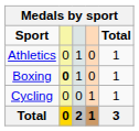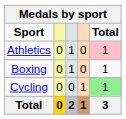 <table class="wikitable" border="1" style="font-size:85%; float:right">
 <tr bgcolor=#efefef>
 <th colspan=7>Medals by sport</th>
 </tr>
 <tr align=center>
 <td><strong>Sport</strong></td>
 <td bgcolor=#f7f6a8></td>
 <td bgcolor=#dce5e5></td>
 <td bgcolor=#ffdab9></td>
 <td><strong>Total</strong></td>
 </tr>
 <tr align=center>
 <td><a href='#'>Athletics</a></td>
 <td bgcolor=#f7f6a8>0</td>
 <td bgcolor=#dce5e5>1</td>
 <td bgcolor=#ffdab9>0</td>
-<td>1</td>
+<td style="background: pink;">1</td>
 </tr>
 <tr align=center>
 <td><a href='#'>Boxing</a></td>
-<td bgcolor=#f7f6a8><strong>0</strong></td>
+<td bgcolor=#f7f6a8>0</td>
 <td bgcolor=#dce5e5>1</td>
 <td bgcolor=#ffdab9>0</td>
 <td>1</td>
 </tr>
 <tr align=center>
 <td><a href='#'>Cycling</a></td>
 <td bgcolor=#f7f6a8>0</td>
 <td bgcolor=#dce5e5>0</td>
 <td bgcolor=#ffdab9>1</td>
-<td>1</td>
+<td style="background: lightgreen;">1</td>
 </tr>
 <tr align=center>
 <th>Total</th>
 <th style="background:gold">0</th>
 <th style="background:silver">2</th>
 <th style="background:#c96">1</th>
 <th>3</th>
 </tr>
 </table>
